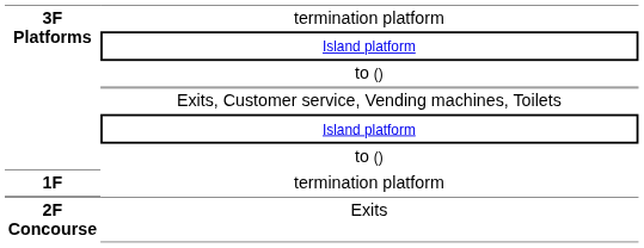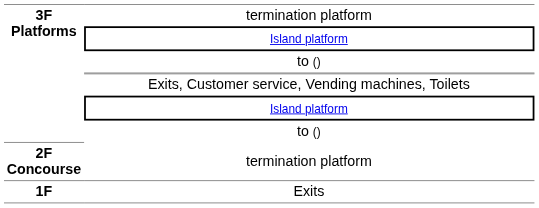 <table table border=0 cellspacing=0 cellpadding=3>
 <tr>
 <td style="border-bottom:solid 0px gray;border-top:solid 1px gray;text-align:center" rowspan="6" valign=top width=50><strong>3F<br>Platforms</strong></td>
 <td style="border-bottom:solid 0px gray;border-top:solid 1px gray;text-align:center;">  termination platform</td>
 </tr>
 <tr>
 <td style="border-right:solid 2px black;border-left:solid 2px black;border-top:solid 2px black;border-bottom:solid 2px black;text-align:center;"><small><a href='#'>Island platform</a></small></td>
 </tr>
 <tr>
 <td style="border-bottom:solid 1px gray;text-align:center;">  to  <small>()</small></td>
 </tr>
 <tr>
 <td style="border-bottom:solid 0px gray; border-top:solid 1px gray;text-align:center" valign=top width=500>Exits, Customer service, Vending machines, Toilets</td>
 </tr>
 <tr>
 <td style="border-right:solid 2px black;border-left:solid 2px black;border-top:solid 2px black;border-bottom:solid 2px black;text-align:center;"><small><a href='#'>Island platform</a></small></td>
 </tr>
 <tr>
 <td style="border-bottom:solid 0px gray;text-align:center;"> to  <small>()</small> </td>
 </tr>
 <tr>
-<td style="border-bottom:solid 1px gray; border-top:solid 1px gray;text-align:center" valign=top><strong>1F</strong></td>
+<td style="border-bottom:solid 0px gray; border-top:solid 1px gray;text-align:center" valign=top><strong>2F<br>Concourse</strong></td>
 <td style="border-bottom:solid 0px gray;text-align:center;"> termination platform </td>
 </tr>
 <tr>
-<td style="border-bottom:solid 0px gray; border-top:solid 1px gray;text-align:center" valign=top><strong>2F<br>Concourse</strong></td>
+<td style="border-bottom:solid 1px gray; border-top:solid 1px gray;text-align:center" valign=top><strong>1F</strong></td>
 <td style="border-bottom:solid 1px gray; border-top:solid 1px gray;text-align:center" valign=top width=500>Exits</td>
 </tr>
 </table>
